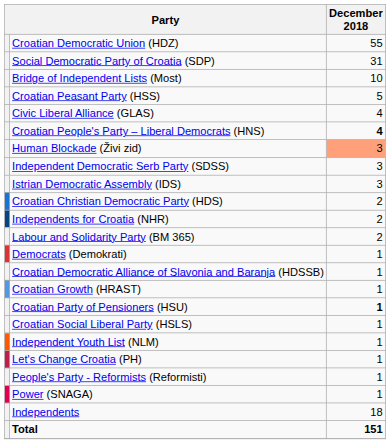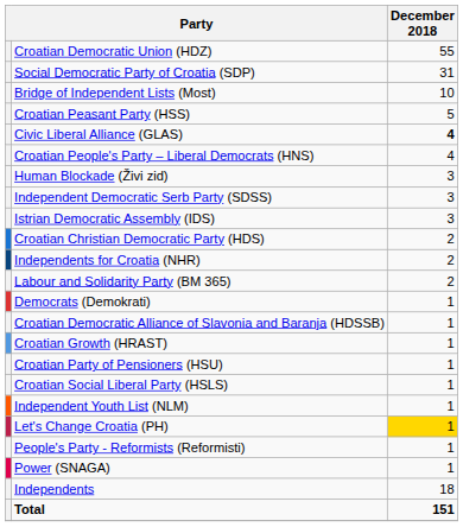 <table class="wikitable" style="font-size: 95%;">
 <tr>
 <th colspan=2>Party</th>
 <th>December<br> 2018</th>
 </tr>
 <tr>
 <th style="background-color: "></th>
 <td><a href='#'>Croatian Democratic Union</a> (HDZ)</td>
 <td align="right">55</td>
 </tr>
 <tr>
 <th style="background-color: "></th>
 <td><a href='#'>Social Democratic Party of Croatia</a> (SDP)</td>
 <td align="right">31</td>
 </tr>
 <tr>
 <th style="background-color: "></th>
 <td><a href='#'>Bridge of Independent Lists</a> (Most)</td>
 <td align="right">10</td>
 </tr>
 <tr>
 <th style="background-color: "></th>
 <td><a href='#'>Croatian Peasant Party</a> (HSS)</td>
 <td align="right">5</td>
 </tr>
 <tr>
 <th style="background-color: "></th>
 <td><a href='#'>Civic Liberal Alliance</a> (GLAS)</td>
+<td align="right"><strong>4</strong></td>
+</tr>
+<tr>
+<th style="background-color: "></th>
+<td><a href='#'>Croatian People's Party – Liberal Democrats</a> (HNS)</td>
 <td align="right">4</td>
 </tr>
 <tr>
 <th style="background-color: "></th>
-<td><a href='#'>Croatian People's Party – Liberal Democrats</a> (HNS)</td>
-<td align="right"><strong>4</strong></td>
-</tr>
-<tr>
-<th style="background-color: "></th>
 <td><a href='#'>Human Blockade</a> (Živi zid)</td>
-<td align="right" style="background: lightsalmon;">3</td>
+<td align="right">3</td>
 </tr>
 <tr>
 <th style="background-color: "></th>
 <td><a href='#'>Independent Democratic Serb Party</a> (SDSS)</td>
 <td align="right">3</td>
 </tr>
 <tr>
 <th style="background-color: "></th>
 <td><a href='#'>Istrian Democratic Assembly</a> (IDS)</td>
 <td align="right">3</td>
 </tr>
 <tr>
 <th style="background-color: #1974D2"></th>
 <td><a href='#'>Croatian Christian Democratic Party</a> (HDS)</td>
 <td align="right">2</td>
 </tr>
 <tr>
 <th style="background-color: #08457E"></th>
 <td><a href='#'>Independents for Croatia</a> (NHR)</td>
 <td align="right">2</td>
 </tr>
 <tr>
 <th style="background-color: "></th>
 <td><a href='#'>Labour and Solidarity Party</a> (BM 365)</td>
 <td align="right">2</td>
 </tr>
 <tr>
 <th style="background-color: #DD3333"></th>
 <td><a href='#'>Democrats</a> (Demokrati)</td>
 <td align="right">1</td>
 </tr>
 <tr>
 <th style="background-color: "></th>
 <td><a href='#'>Croatian Democratic Alliance of Slavonia and Baranja</a> (HDSSB)</td>
 <td align="right">1</td>
 </tr>
 <tr>
 <th style="background-color: #5299E1"></th>
 <td><a href='#'>Croatian Growth</a> (HRAST)</td>
 <td align="right">1</td>
 </tr>
 <tr>
 <th style="background-color: "></th>
 <td><a href='#'>Croatian Party of Pensioners</a> (HSU)</td>
-<td align="right"><strong>1</strong></td>
+<td align="right">1</td>
 </tr>
 <tr>
 <th style="background-color: "></th>
 <td><a href='#'>Croatian Social Liberal Party</a> (HSLS)</td>
 <td align="right">1</td>
 </tr>
 <tr>
 <th style="background-color: #FF5800"></th>
 <td><a href='#'>Independent Youth List</a> (NLM)</td>
 <td align="right">1</td>
 </tr>
 <tr>
 <th style="background-color: #BC204B"></th>
 <td><a href='#'>Let's Change Croatia</a> (PH)</td>
-<td align="right">1</td>
+<td align="right" style="background: gold;">1</td>
 </tr>
 <tr>
 <th style="background-color: "></th>
 <td><a href='#'>People's Party - Reformists</a> (Reformisti)</td>
 <td align="right">1</td>
 </tr>
 <tr>
 <th style="background-color: #E0004D"></th>
 <td><a href='#'>Power</a> (SNAGA)</td>
 <td align="right">1</td>
 </tr>
 <tr>
 <th style="background-color: "></th>
 <td><a href='#'>Independents</a></td>
 <td align="right">18</td>
 </tr>
 <tr>
 <th style="background-color: "></th>
 <td><strong>Total</strong></td>
 <td align="right"><strong>151</strong></td>
 </tr>
 <tr>
 </tr>
 </table>
